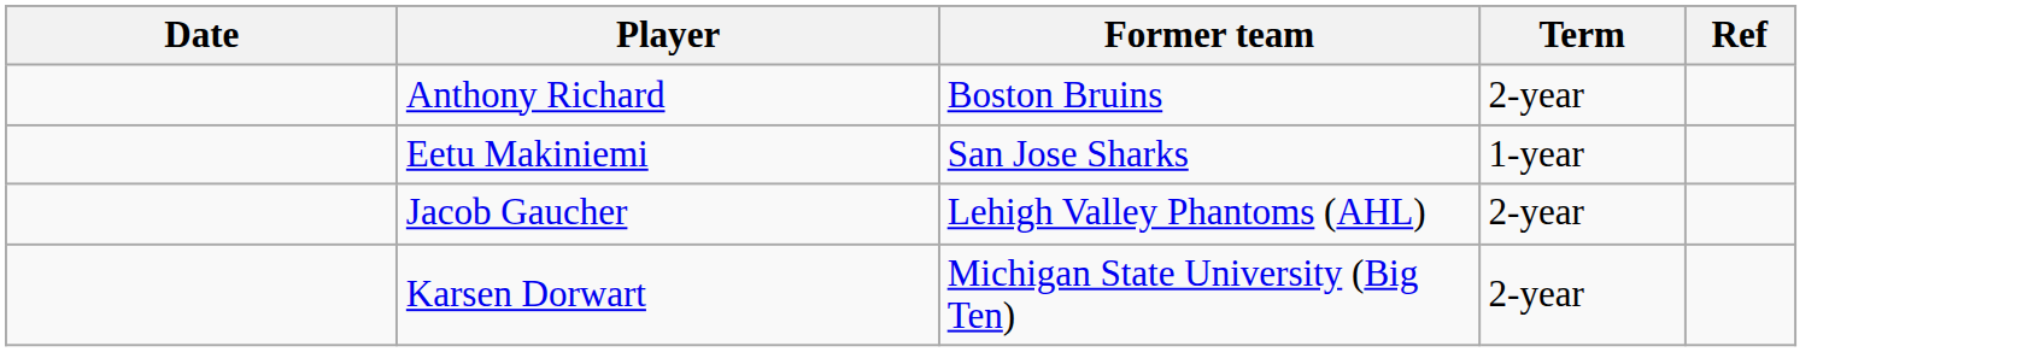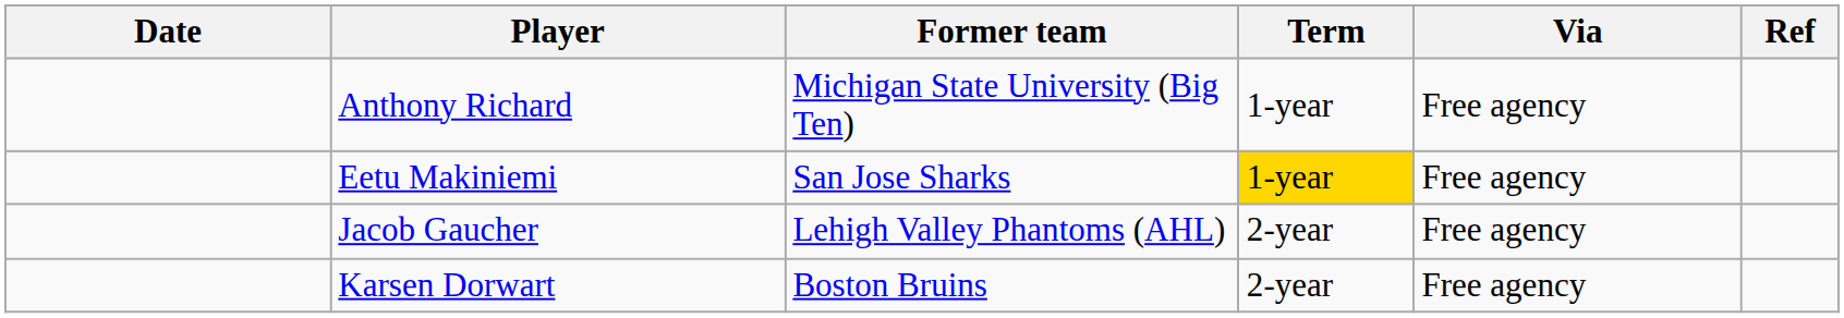 <table class="wikitable">
 <tr style="background:#ddd; text-align:center;">
 <th style="width: 10em;">Date</th>
 <th style="width: 14em;">Player</th>
 <th style="width: 14em;">Former team</th>
 <th style="width: 5em;">Term</th>
+<th style="width: 10em;">Via</th>
 <th style="width: 2.5em;">Ref</th>
 </tr>
 <tr>
 <td></td>
 <td><a href='#'>Anthony Richard</a></td>
-<td><a href='#'>Boston Bruins</a></td>
-<td>2-year</td>
+<td><a href='#'>Michigan State University</a> (<a href='#'>Big Ten</a>)</td>
+<td>1-year</td>
+<td>Free agency</td>
 <td></td>
 </tr>
 <tr>
 <td></td>
 <td><a href='#'>Eetu Makiniemi</a></td>
 <td><a href='#'>San Jose Sharks</a></td>
-<td>1-year</td>
+<td style="background: gold;">1-year</td>
+<td>Free agency</td>
 <td></td>
 </tr>
 <tr>
 <td></td>
 <td><a href='#'>Jacob Gaucher</a></td>
 <td><a href='#'>Lehigh Valley Phantoms</a> (<a href='#'>AHL</a>)</td>
 <td>2-year</td>
+<td>Free agency</td>
 <td></td>
 </tr>
 <tr>
 <td></td>
 <td><a href='#'>Karsen Dorwart</a></td>
-<td><a href='#'>Michigan State University</a> (<a href='#'>Big Ten</a>)</td>
+<td><a href='#'>Boston Bruins</a></td>
 <td>2-year</td>
+<td>Free agency</td>
 <td></td>
 </tr>
 </table>
